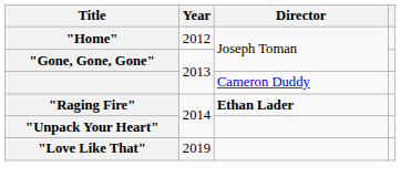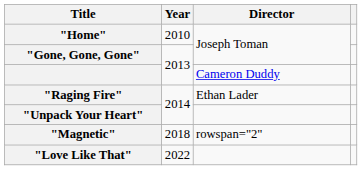 <table class="wikitable plainrowheaders">
 <tr>
 <th scope="col" style="width:12em;">Title</th>
 <th>Year</th>
 <th scope="col" style="width:12em;">Director</th>
 <th></th>
 </tr>
 <tr>
 <th scope="row">"Home"</th>
-<td>2012</td>
+<td>2010</td>
 <td rowspan="2">Joseph Toman</td>
 <td></td>
 </tr>
 <tr>
 <th scope="row">"Gone, Gone, Gone"</th>
 <td rowspan="2">2013</td>
 <td></td>
 </tr>
 <tr>
 <th scope="row"></th>
 <td><a href='#'>Cameron Duddy</a></td>
 <td></td>
 </tr>
 <tr>
 <th scope="row">"Raging Fire"</th>
 <td rowspan="2">2014</td>
-<td><strong>Ethan Lader</strong></td>
+<td>Ethan Lader</td>
 <td></td>
 </tr>
 <tr>
 <th scope="row">"Unpack Your Heart"</th>
 <td></td>
 <td></td>
 </tr>
 <tr>
+<th scope="row">"Magnetic"</th>
+<td>2018</td>
+<td>rowspan="2" </td>
+<td></td>
+</tr>
+<tr>
 <th scope="row">"Love Like That"</th>
-<td>2019</td>
+<td>2022</td>
 <td></td>
 </tr>
 </table>
